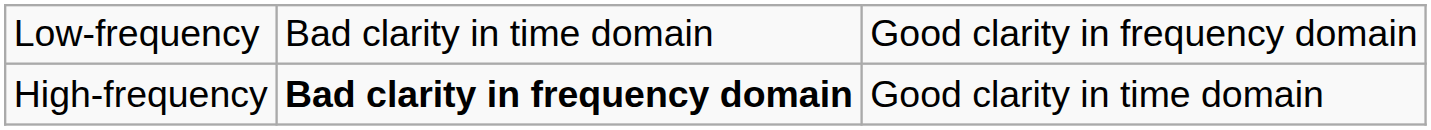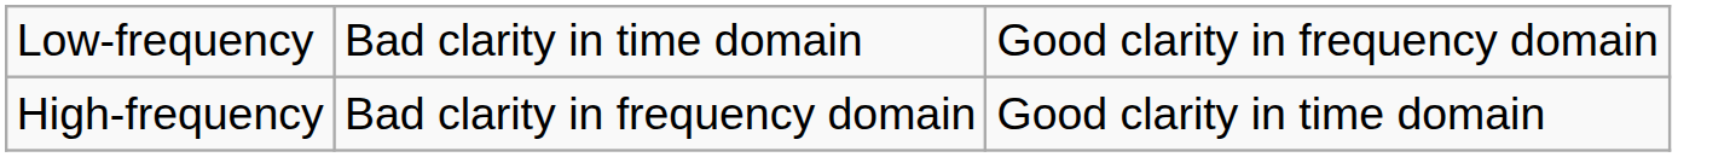 <table class="wikitable">
 <tr>
 <td>Low-frequency</td>
 <td>Bad clarity in time domain</td>
 <td>Good clarity in frequency domain</td>
 </tr>
 <tr>
 <td>High-frequency</td>
-<td><strong>Bad clarity in frequency domain</strong></td>
+<td>Bad clarity in frequency domain</td>
 <td>Good clarity in time domain</td>
 </tr>
 </table>
